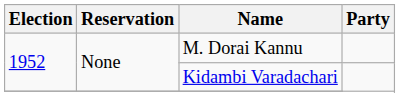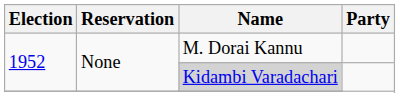 <table class="wikitable sortable">
 <tr>
 <th>Election</th>
 <th>Reservation</th>
 <th>Name</th>
 <th colspan="2">Party</th>
 </tr>
 <tr>
 <td rowspan="2"><a href='#'>1952</a></td>
 <td rowspan="2">None</td>
 <td>M. Dorai Kannu</td>
 <td></td>
 </tr>
 <tr>
-<td><a href='#'>Kidambi Varadachari</a></td>
+<td style="background: lightgrey;"><a href='#'>Kidambi Varadachari</a></td>
 </tr>
 <tr>
 </tr>
 </table>
